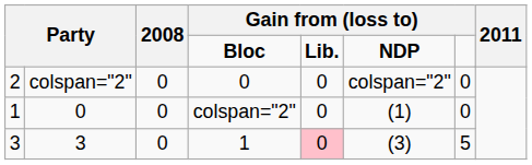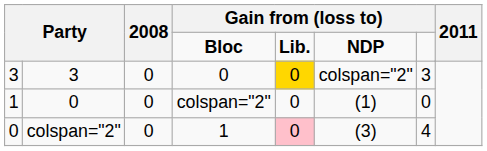 <table class="wikitable" style="text-align:center" align="center">
 <tr>
 <th rowspan="2" colspan="2">Party</th>
 <th rowspan="2">2008</th>
 <th colspan="6">Gain from (loss to)</th>
 <th rowspan="2">2011</th>
 </tr>
 <tr>
 <td><strong>Bloc</strong></td>
 <td><strong>Lib.</strong></td>
 <td><strong>NDP</strong></td>
 </tr>
 <tr>
-<td>2</td>
-<td>colspan="2" </td>
+<td>3</td>
+<td>3</td>
 <td>0</td>
 <td>0</td>
-<td>0</td>
+<td style="background: gold;">0</td>
 <td>colspan="2" </td>
-<td>0</td>
+<td>3</td>
 </tr>
 <tr>
 <td>1</td>
 <td>0</td>
 <td>0</td>
 <td>colspan="2" </td>
 <td>0</td>
 <td>(1)</td>
 <td>0</td>
 </tr>
 <tr>
-<td>3</td>
-<td>3</td>
+<td>0</td>
+<td>colspan="2" </td>
 <td>0</td>
 <td>1</td>
 <td style="background: pink;">0</td>
 <td>(3)</td>
-<td>5</td>
+<td>4</td>
 </tr>
 </table>
